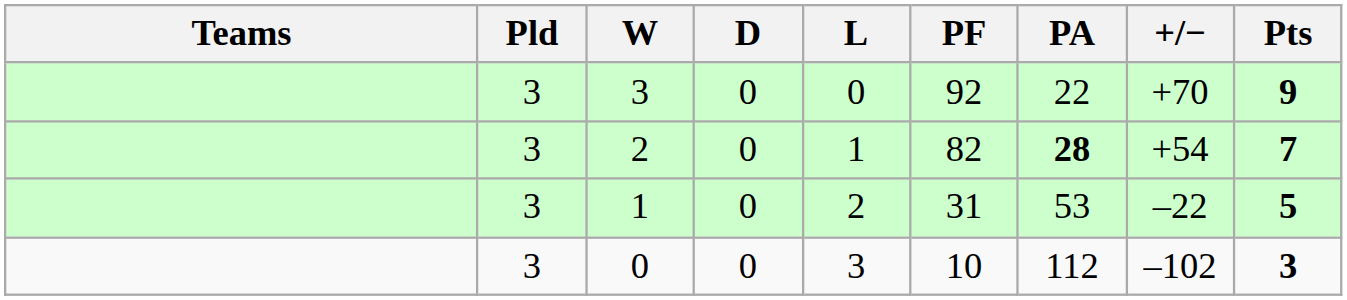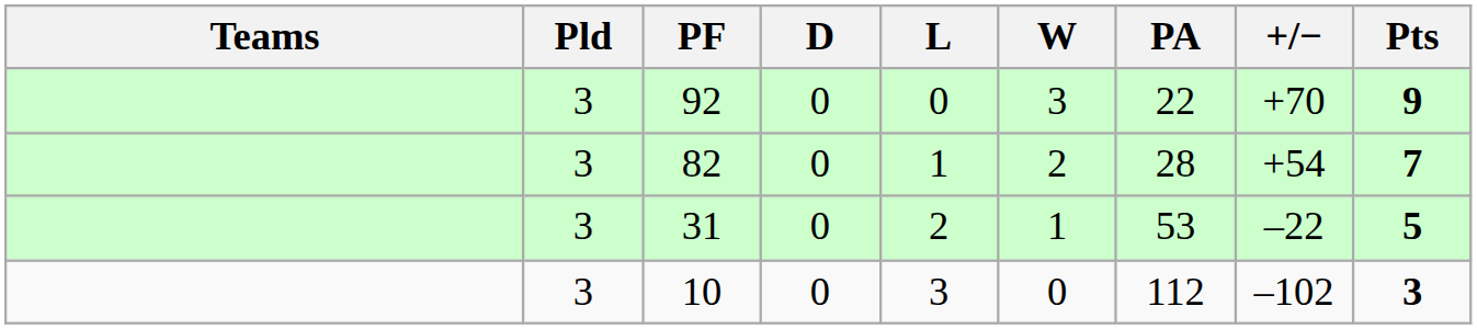 <table class="wikitable" style="text-align: center;">
 <tr>
 <th width="200">Teams</th>
 <th width="40">Pld</th>
-<th width="40">W</th>
+<th width="40">PF</th>
 <th width="40">D</th>
 <th width="40">L</th>
-<th width="40">PF</th>
+<th width="40">W</th>
 <th width="40">PA</th>
 <th width="40">+/−</th>
 <th width="40">Pts</th>
 </tr>
 <tr bgcolor=#ccffcc>
 <td align=left></td>
 <td>3</td>
-<td>3</td>
+<td>92</td>
 <td>0</td>
 <td>0</td>
-<td>92</td>
+<td>3</td>
 <td>22</td>
 <td>+70</td>
 <td><strong>9</strong></td>
 </tr>
 <tr bgcolor=#ccffcc>
 <td align=left></td>
 <td>3</td>
-<td>2</td>
+<td>82</td>
 <td>0</td>
 <td>1</td>
-<td>82</td>
-<td><strong>28</strong></td>
+<td>2</td>
+<td>28</td>
 <td>+54</td>
 <td><strong>7</strong></td>
 </tr>
 <tr bgcolor=#ccffcc>
 <td align=left></td>
 <td>3</td>
-<td>1</td>
+<td>31</td>
 <td>0</td>
 <td>2</td>
-<td>31</td>
+<td>1</td>
 <td>53</td>
 <td>–22</td>
 <td><strong>5</strong></td>
 </tr>
 <tr>
 <td align=left></td>
 <td>3</td>
-<td>0</td>
+<td>10</td>
 <td>0</td>
 <td>3</td>
-<td>10</td>
+<td>0</td>
 <td>112</td>
 <td>–102</td>
 <td><strong>3</strong></td>
 </tr>
 </table>
